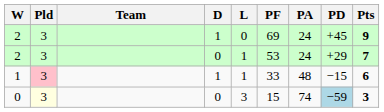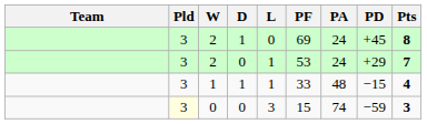 <table class="wikitable" style="text-align:center;">
 <tr>
+<th width=175>Team</th>
+<th width=25 abbr="Played">Pld</th>
 <th width=25 abbr="Won">W</th>
-<th width=25 abbr="Played">Pld</th>
-<th width=175>Team</th>
 <th width=25 abbr="Drawn">D</th>
 <th width=25 abbr="Lost">L</th>
 <th width=32 abbr="Points for">PF</th>
 <th width=32 abbr="Points against">PA</th>
 <th width=32 abbr="Points difference">PD</th>
 <th width=25 abbr="Points">Pts</th>
 </tr>
 <tr bgcolor=ccffcc>
+<td align=left></td>
+<td>3</td>
 <td>2</td>
-<td>3</td>
-<td align=left></td>
 <td>1</td>
 <td>0</td>
 <td>69</td>
 <td>24</td>
 <td>+45</td>
-<td><strong>9</strong></td>
+<td><strong>8</strong></td>
 </tr>
 <tr bgcolor=ccffcc>
+<td align=left></td>
+<td>3</td>
 <td>2</td>
-<td>3</td>
-<td align=left></td>
 <td>0</td>
 <td>1</td>
 <td>53</td>
 <td>24</td>
 <td>+29</td>
 <td><strong>7</strong></td>
 </tr>
 <tr>
+<td align=left></td>
+<td>3</td>
 <td>1</td>
-<td style="background: pink;">3</td>
-<td align=left></td>
 <td>1</td>
 <td>1</td>
 <td>33</td>
 <td>48</td>
 <td>−15</td>
-<td><strong>6</strong></td>
+<td><strong>4</strong></td>
 </tr>
 <tr>
+<td align=left></td>
+<td style="background: lightyellow;">3</td>
 <td>0</td>
-<td style="background: lightyellow;">3</td>
-<td align=left></td>
 <td>0</td>
 <td>3</td>
 <td>15</td>
 <td>74</td>
-<td style="background: lightblue;">−59</td>
+<td>−59</td>
 <td><strong>3</strong></td>
 </tr>
 </table>
